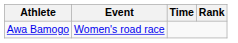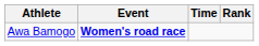 <table class=wikitable style=font-size:90%;text-align:center>
 <tr>
 <th>Athlete</th>
 <th>Event</th>
 <th>Time</th>
 <th>Rank</th>
 </tr>
 <tr align=center>
 <td align=left><a href='#'>Awa Bamogo</a></td>
-<td align=left><a href='#'>Women's road race</a></td>
+<td align=left><strong><a href='#'>Women's road race</a></strong></td>
 <td colspan=2></td>
 </tr>
 </table>
